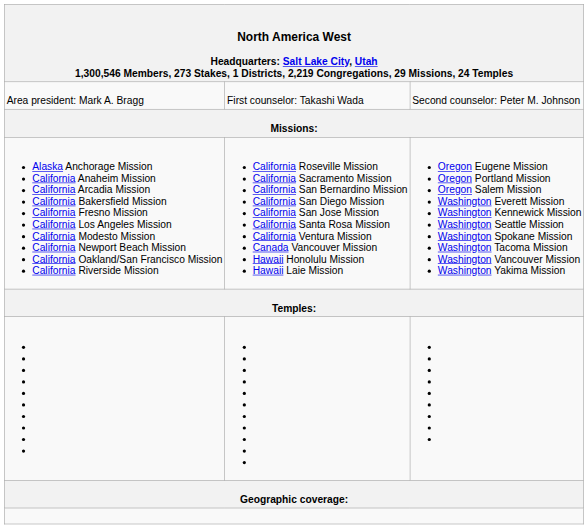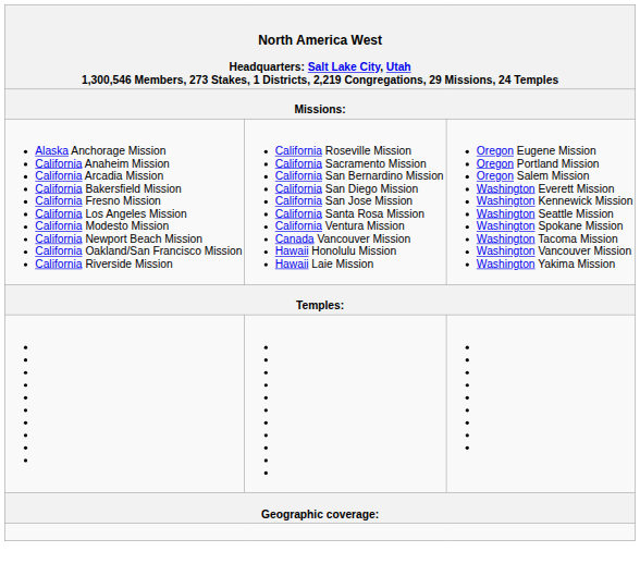 <table class=wikitable>
 <tr>
 <th colspan=3><br><h3>North America West</h3>Headquarters:  <a href='#'>Salt Lake City</a>, <a href='#'>Utah</a><br>1,300,546 Members, 273 Stakes, 1 Districts, 2,219 Congregations, 29 Missions, 24 Temples</th>
-</tr>
-<tr>
-<td style="vertical-align:top"><br>Area president: Mark A. Bragg</td>
-<td style="vertical-align:top"><br>First counselor: Takashi Wada</td>
-<td style="vertical-align:top"><br>Second counselor: Peter M. Johnson</td>
 </tr>
 <tr>
 <th colspan=3><br>Missions:</th>
 </tr>
 <tr>
 <td style="vertical-align:top"><br><ul><li><a href='#'>Alaska</a> Anchorage Mission</li><li><a href='#'>California</a> Anaheim Mission</li><li><a href='#'>California</a> Arcadia Mission</li><li><a href='#'>California</a> Bakersfield Mission</li><li><a href='#'>California</a> Fresno Mission</li><li><a href='#'>California</a> Los Angeles Mission</li><li><a href='#'>California</a> Modesto Mission</li><li><a href='#'>California</a> Newport Beach Mission</li><li><a href='#'>California</a> Oakland/San Francisco Mission</li><li><a href='#'>California</a> Riverside Mission</li></ul></td>
 <td style="vertical-align:top"><br><ul><li><a href='#'>California</a> Roseville Mission</li><li><a href='#'>California</a> Sacramento Mission</li><li><a href='#'>California</a> San Bernardino Mission</li><li><a href='#'>California</a> San Diego Mission</li><li><a href='#'>California</a> San Jose Mission</li><li><a href='#'>California</a> Santa Rosa Mission</li><li><a href='#'>California</a> Ventura Mission</li><li><a href='#'>Canada</a> Vancouver Mission</li><li><a href='#'>Hawaii</a> Honolulu Mission</li><li><a href='#'>Hawaii</a> Laie Mission</li></ul></td>
 <td style="vertical-align:top"><br><ul><li><a href='#'>Oregon</a> Eugene Mission</li><li><a href='#'>Oregon</a> Portland Mission</li><li><a href='#'>Oregon</a> Salem Mission</li><li><a href='#'>Washington</a> Everett Mission</li><li><a href='#'>Washington</a> Kennewick Mission</li><li><a href='#'>Washington</a> Seattle Mission</li><li><a href='#'>Washington</a> Spokane Mission</li><li><a href='#'>Washington</a> Tacoma Mission</li><li><a href='#'>Washington</a> Vancouver Mission</li><li><a href='#'>Washington</a> Yakima Mission</li></ul></td>
 </tr>
 <tr>
 <th colspan=3><br>Temples:</th>
 </tr>
 <tr>
 <td style="vertical-align:top"><br><ul><li></li><li></li><li></li><li></li><li></li><li></li><li></li><li></li><li></li><li></li></ul></td>
 <td style="vertical-align:top"><br><ul><li></li><li></li><li></li><li></li><li></li><li></li><li></li><li></li><li></li><li></li><li></li></ul></td>
 <td style="vertical-align:top"><br><ul><li></li><li></li><li></li><li></li><li></li><li></li><li></li><li></li><li></li></ul></td>
 </tr>
 <tr>
 <th colspan=3><br>Geographic coverage:</th>
 </tr>
 <tr>
 <td style="vertical-align:top" colspan=3><br></td>
 </tr>
 </table>
